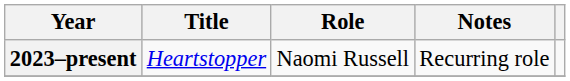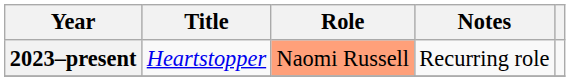 <table class="wikitable plainrowheaders sortable">
 <tr>
 <th scope="col">Year</th>
 <th scope="col">Title</th>
 <th scope="col" class="unsortable">Role</th>
 <th scope="col" class="unsortable">Notes</th>
 <th scope="col" class="unsortable"></th>
 </tr>
 <tr>
 <th scope="row">2023–present</th>
 <td><em><a href='#'>Heartstopper</a></em></td>
-<td>Naomi Russell</td>
+<td style="background: lightsalmon;">Naomi Russell</td>
 <td>Recurring role</td>
 <td style="text-align:center"></td>
 </tr>
 <tr>
 </tr>
 </table>
